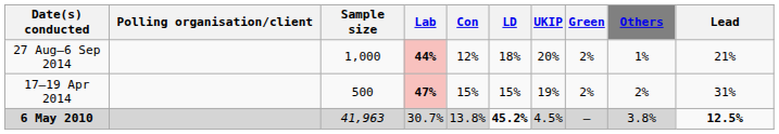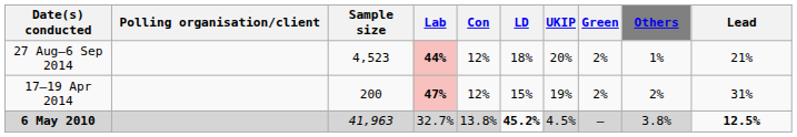 <table class="wikitable sortable" style="text-align:center;font-size:90%;line-height:14px">
 <tr>
 <th ! style="width:95px;">Date(s)<br>conducted</th>
 <th style="width:200px;">Polling organisation/client</th>
 <th class="unsortable" style="width:75px;">Sample size</th>
 <th class="unsortable" style="background:"><a href='#'><span>Lab</span></a></th>
 <th class="unsortable" style="background:"><a href='#'><span>Con</span></a></th>
 <th class="unsortable" style="background:"><a href='#'><span>LD</span></a></th>
 <th class="unsortable" style="background:"><a href='#'><span>UKIP</span></a></th>
 <th class="unsortable" style="background:"><a href='#'><span>Green</span></a></th>
 <th class="unsortable" style="background:gray; width:60px;"><a href='#'><span>Others</span></a></th>
 <th class="unsortable" style="width:90px;">Lead</th>
 </tr>
 <tr>
 <td>27 Aug–6 Sep 2014</td>
 <td></td>
-<td>1,000</td>
+<td>4,523</td>
 <td style="background:#F8C1BE"><strong>44%</strong></td>
 <td>12%</td>
 <td>18%</td>
 <td>20%</td>
 <td>2%</td>
 <td>1%</td>
 <td style="background:">21%</td>
 </tr>
 <tr>
 <td>17–19 Apr 2014</td>
 <td></td>
-<td>500</td>
+<td>200</td>
 <td style="background:#F8C1BE"><strong>47%</strong></td>
-<td>15%</td>
+<td>12%</td>
 <td>15%</td>
 <td>19%</td>
 <td>2%</td>
 <td>2%</td>
 <td style="background:">31%</td>
 </tr>
 <tr>
 <td style="background:#D5D5D5"><strong>6 May 2010</strong></td>
 <td style="background:#D5D5D5"></td>
 <td style="background:#D5D5D5"><em>41,963</em></td>
-<td style="background:#D5D5D5">30.7%</td>
+<td style="background:#D5D5D5">32.7%</td>
 <td style="background:#D5D5D5">13.8%</td>
 <td style="background:"><strong>45.2%</strong></td>
 <td style="background:#D5D5D5">4.5%</td>
 <td style="background:#D5D5D5">–</td>
 <td style="background:#D5D5D5">3.8%</td>
 <td style="background:"><strong>12.5% </strong></td>
 </tr>
 </table>
